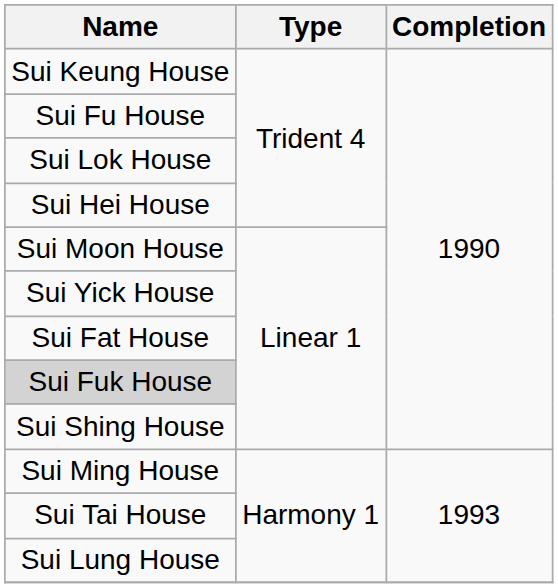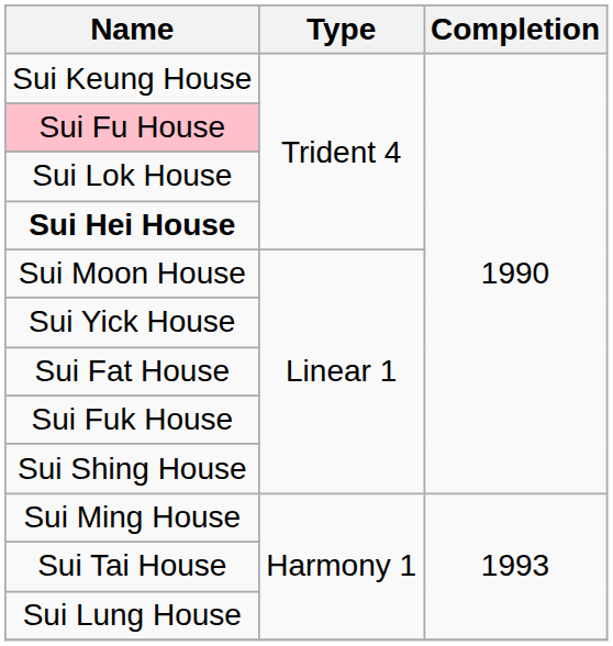 <table class="wikitable" style="text-align: center">
 <tr>
 <th>Name</th>
 <th>Type</th>
 <th>Completion</th>
 </tr>
 <tr>
 <td>Sui Keung House</td>
 <td rowspan="4">Trident 4</td>
 <td rowspan="9">1990</td>
 </tr>
 <tr>
-<td>Sui Fu House</td>
+<td style="background: pink;">Sui Fu House</td>
 </tr>
 <tr>
 <td>Sui Lok House</td>
 </tr>
 <tr>
-<td>Sui Hei House</td>
+<td><strong>Sui Hei House</strong></td>
 </tr>
 <tr>
 <td>Sui Moon House</td>
 <td rowspan="5">Linear 1</td>
 </tr>
 <tr>
 <td>Sui Yick House</td>
 </tr>
 <tr>
 <td>Sui Fat House</td>
 </tr>
 <tr>
-<td style="background: lightgrey;">Sui Fuk House</td>
+<td>Sui Fuk House</td>
 </tr>
 <tr>
 <td>Sui Shing House</td>
 </tr>
 <tr>
 <td>Sui Ming House</td>
 <td rowspan="3">Harmony 1</td>
 <td rowspan="3">1993</td>
 </tr>
 <tr>
 <td>Sui Tai House</td>
 </tr>
 <tr>
 <td>Sui Lung House</td>
 </tr>
 <tr>
 </tr>
 </table>
